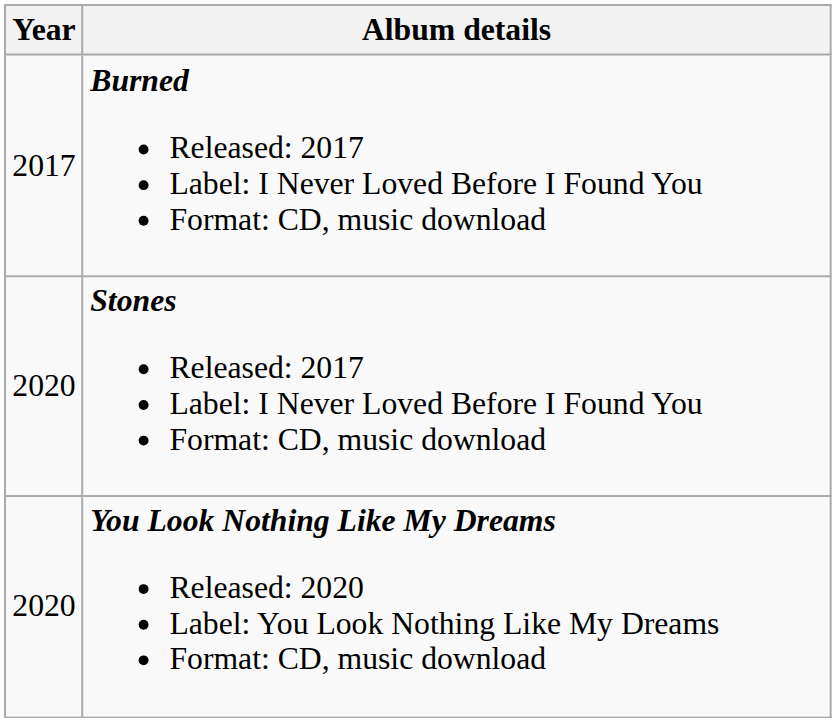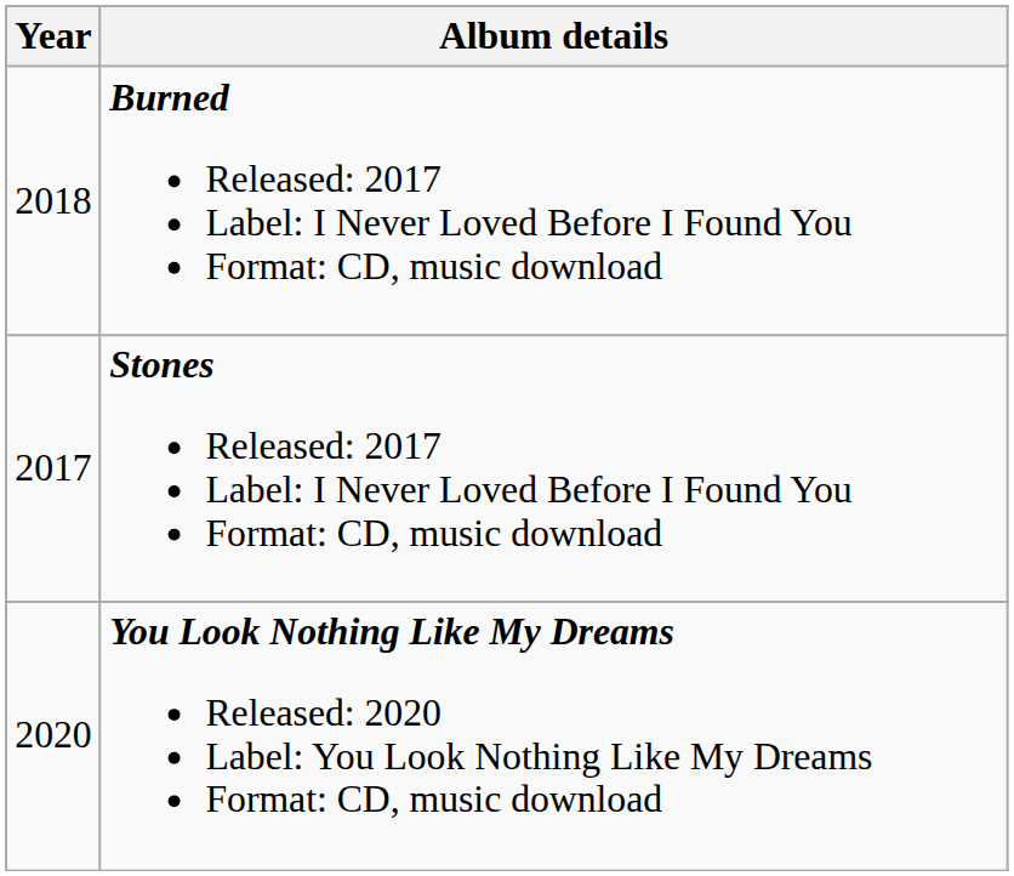 <table class="wikitable">
 <tr>
 <th width="20">Year</th>
 <th width="370">Album details</th>
 </tr>
 <tr>
-<td>2017</td>
+<td>2018</td>
 <td><strong><em>Burned</em></strong><br><ul><li>Released: 2017</li><li>Label: I Never Loved Before I Found You</li><li>Format: CD, music download</li></ul></td>
 </tr>
 <tr>
-<td>2020</td>
+<td>2017</td>
 <td><strong><em>Stones</em></strong><br><ul><li>Released: 2017</li><li>Label: I Never Loved Before I Found You</li><li>Format: CD, music download</li></ul></td>
 </tr>
 <tr>
 <td>2020</td>
 <td><strong><em>You Look Nothing Like My Dreams</em></strong><br><ul><li>Released: 2020</li><li>Label: You Look Nothing Like My Dreams</li><li>Format: CD, music download</li></ul></td>
 </tr>
 <tr>
 </tr>
 </table>
